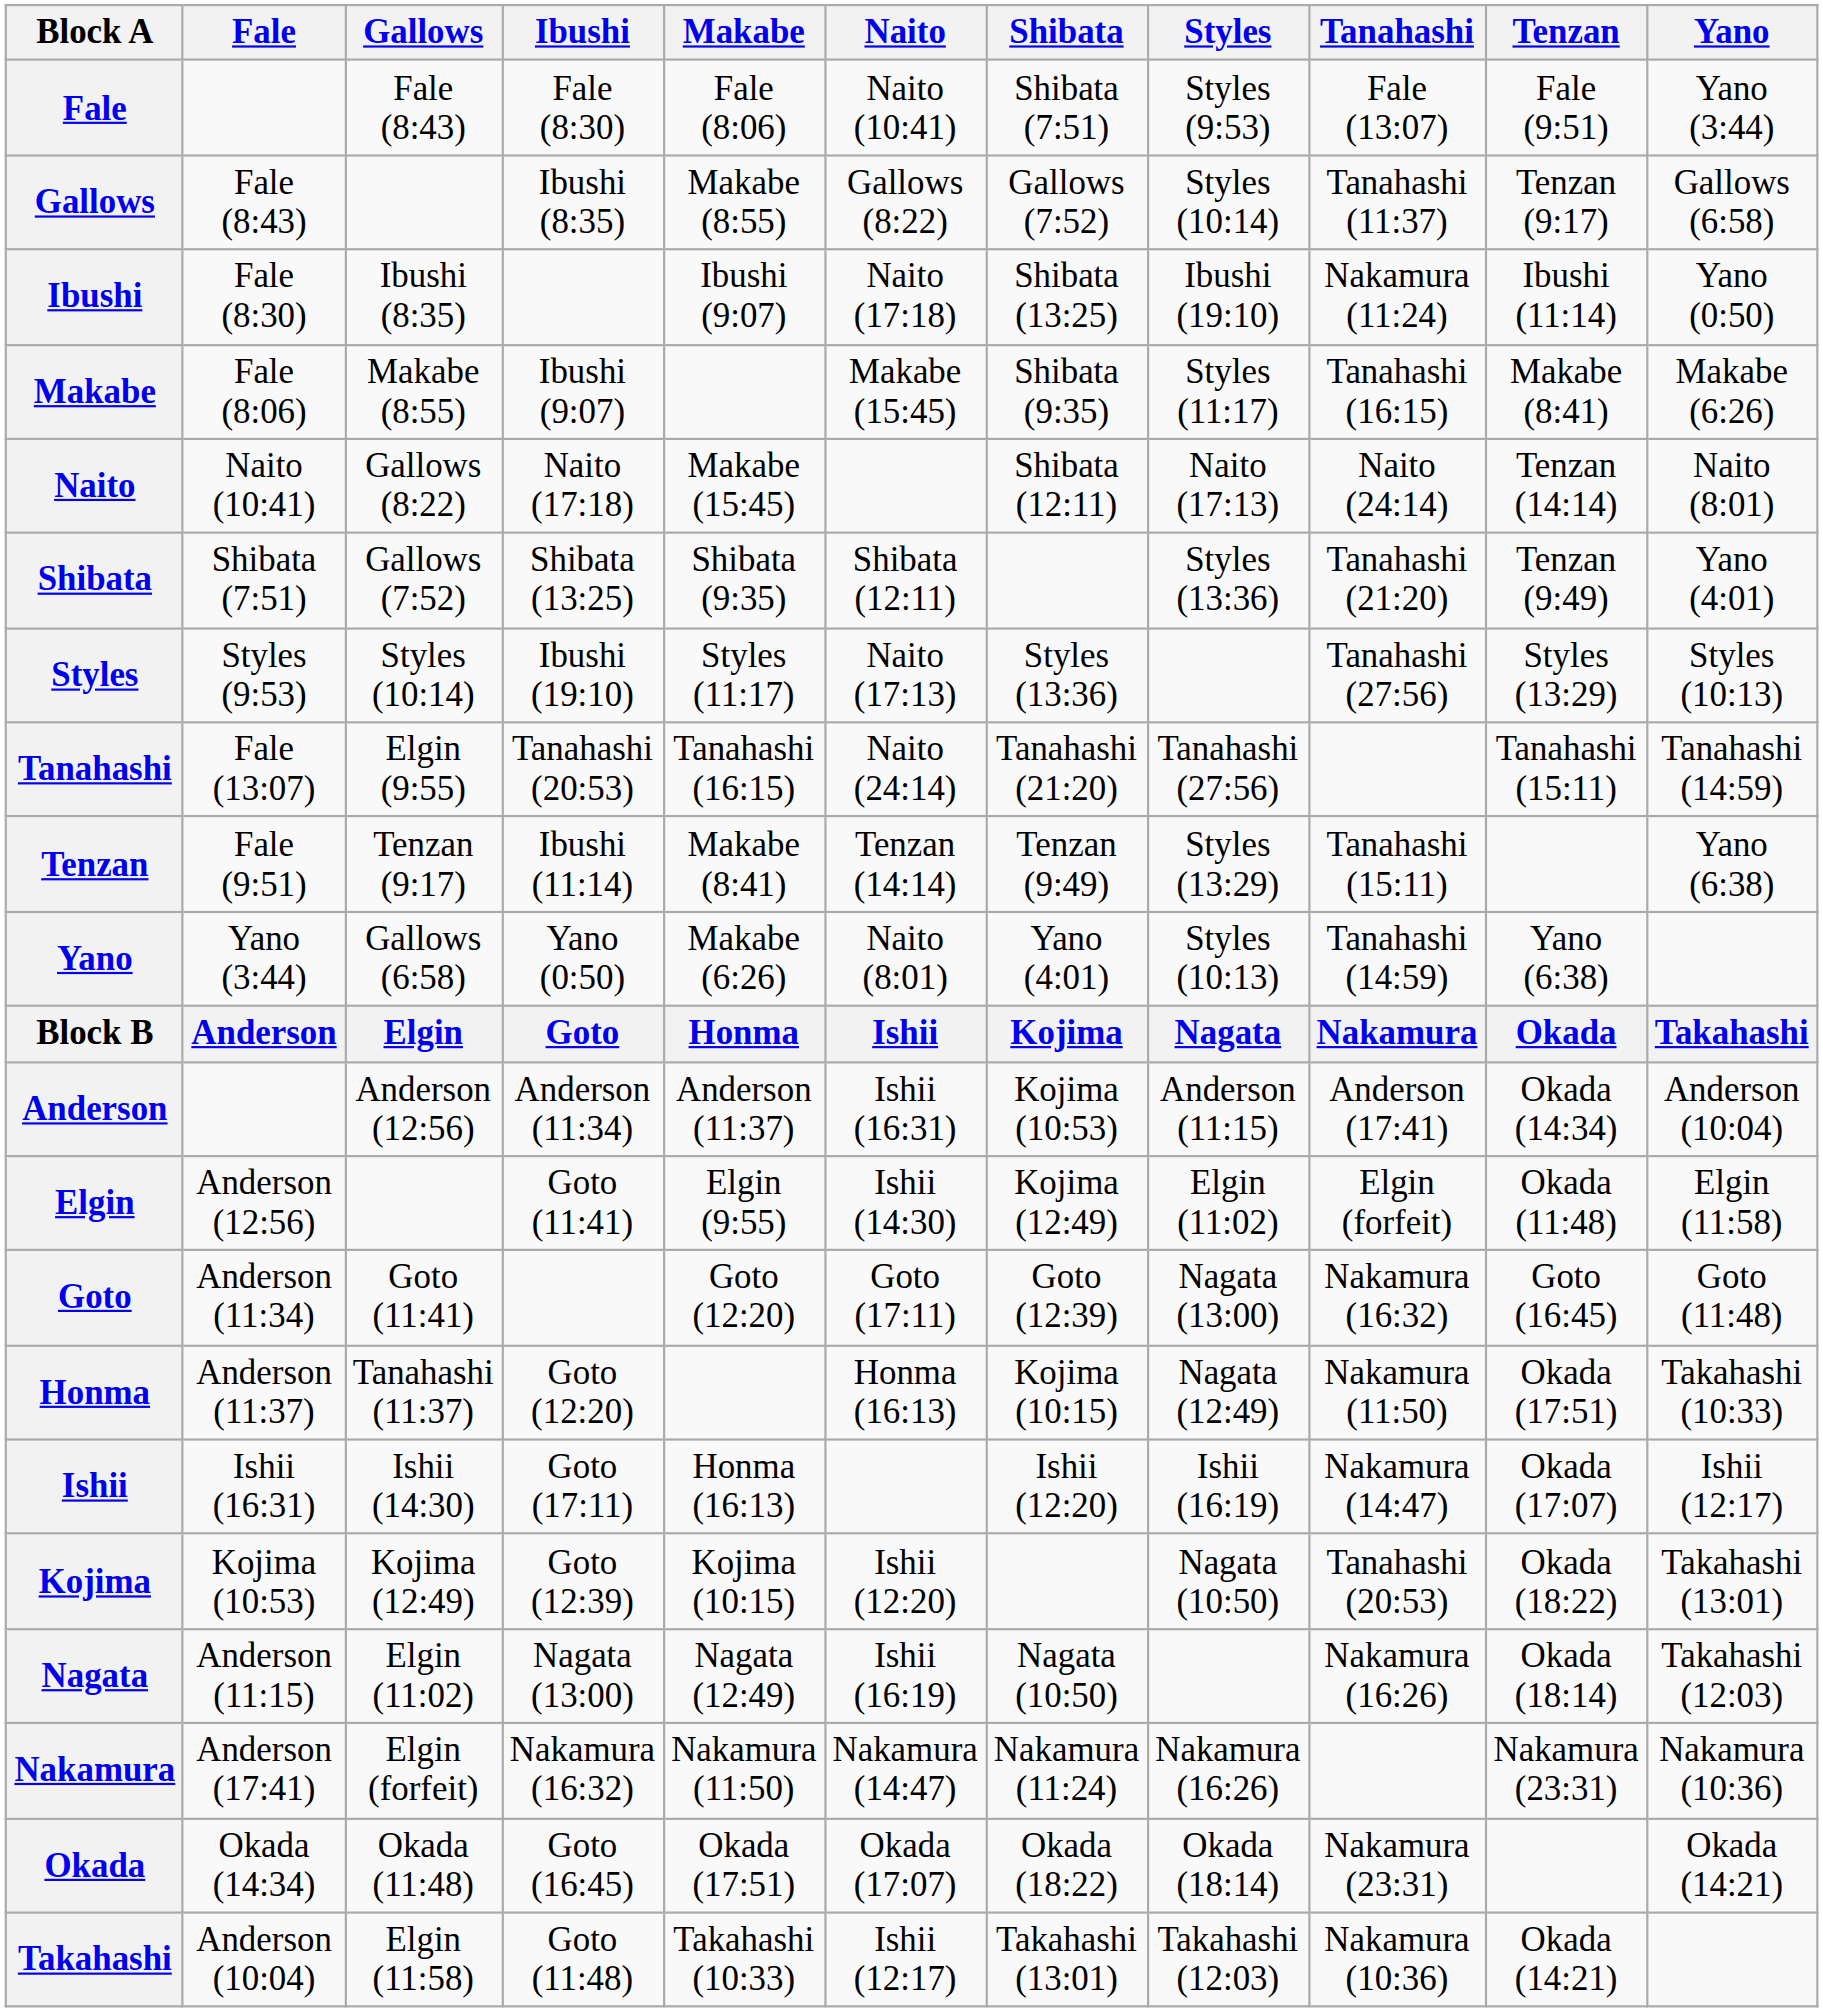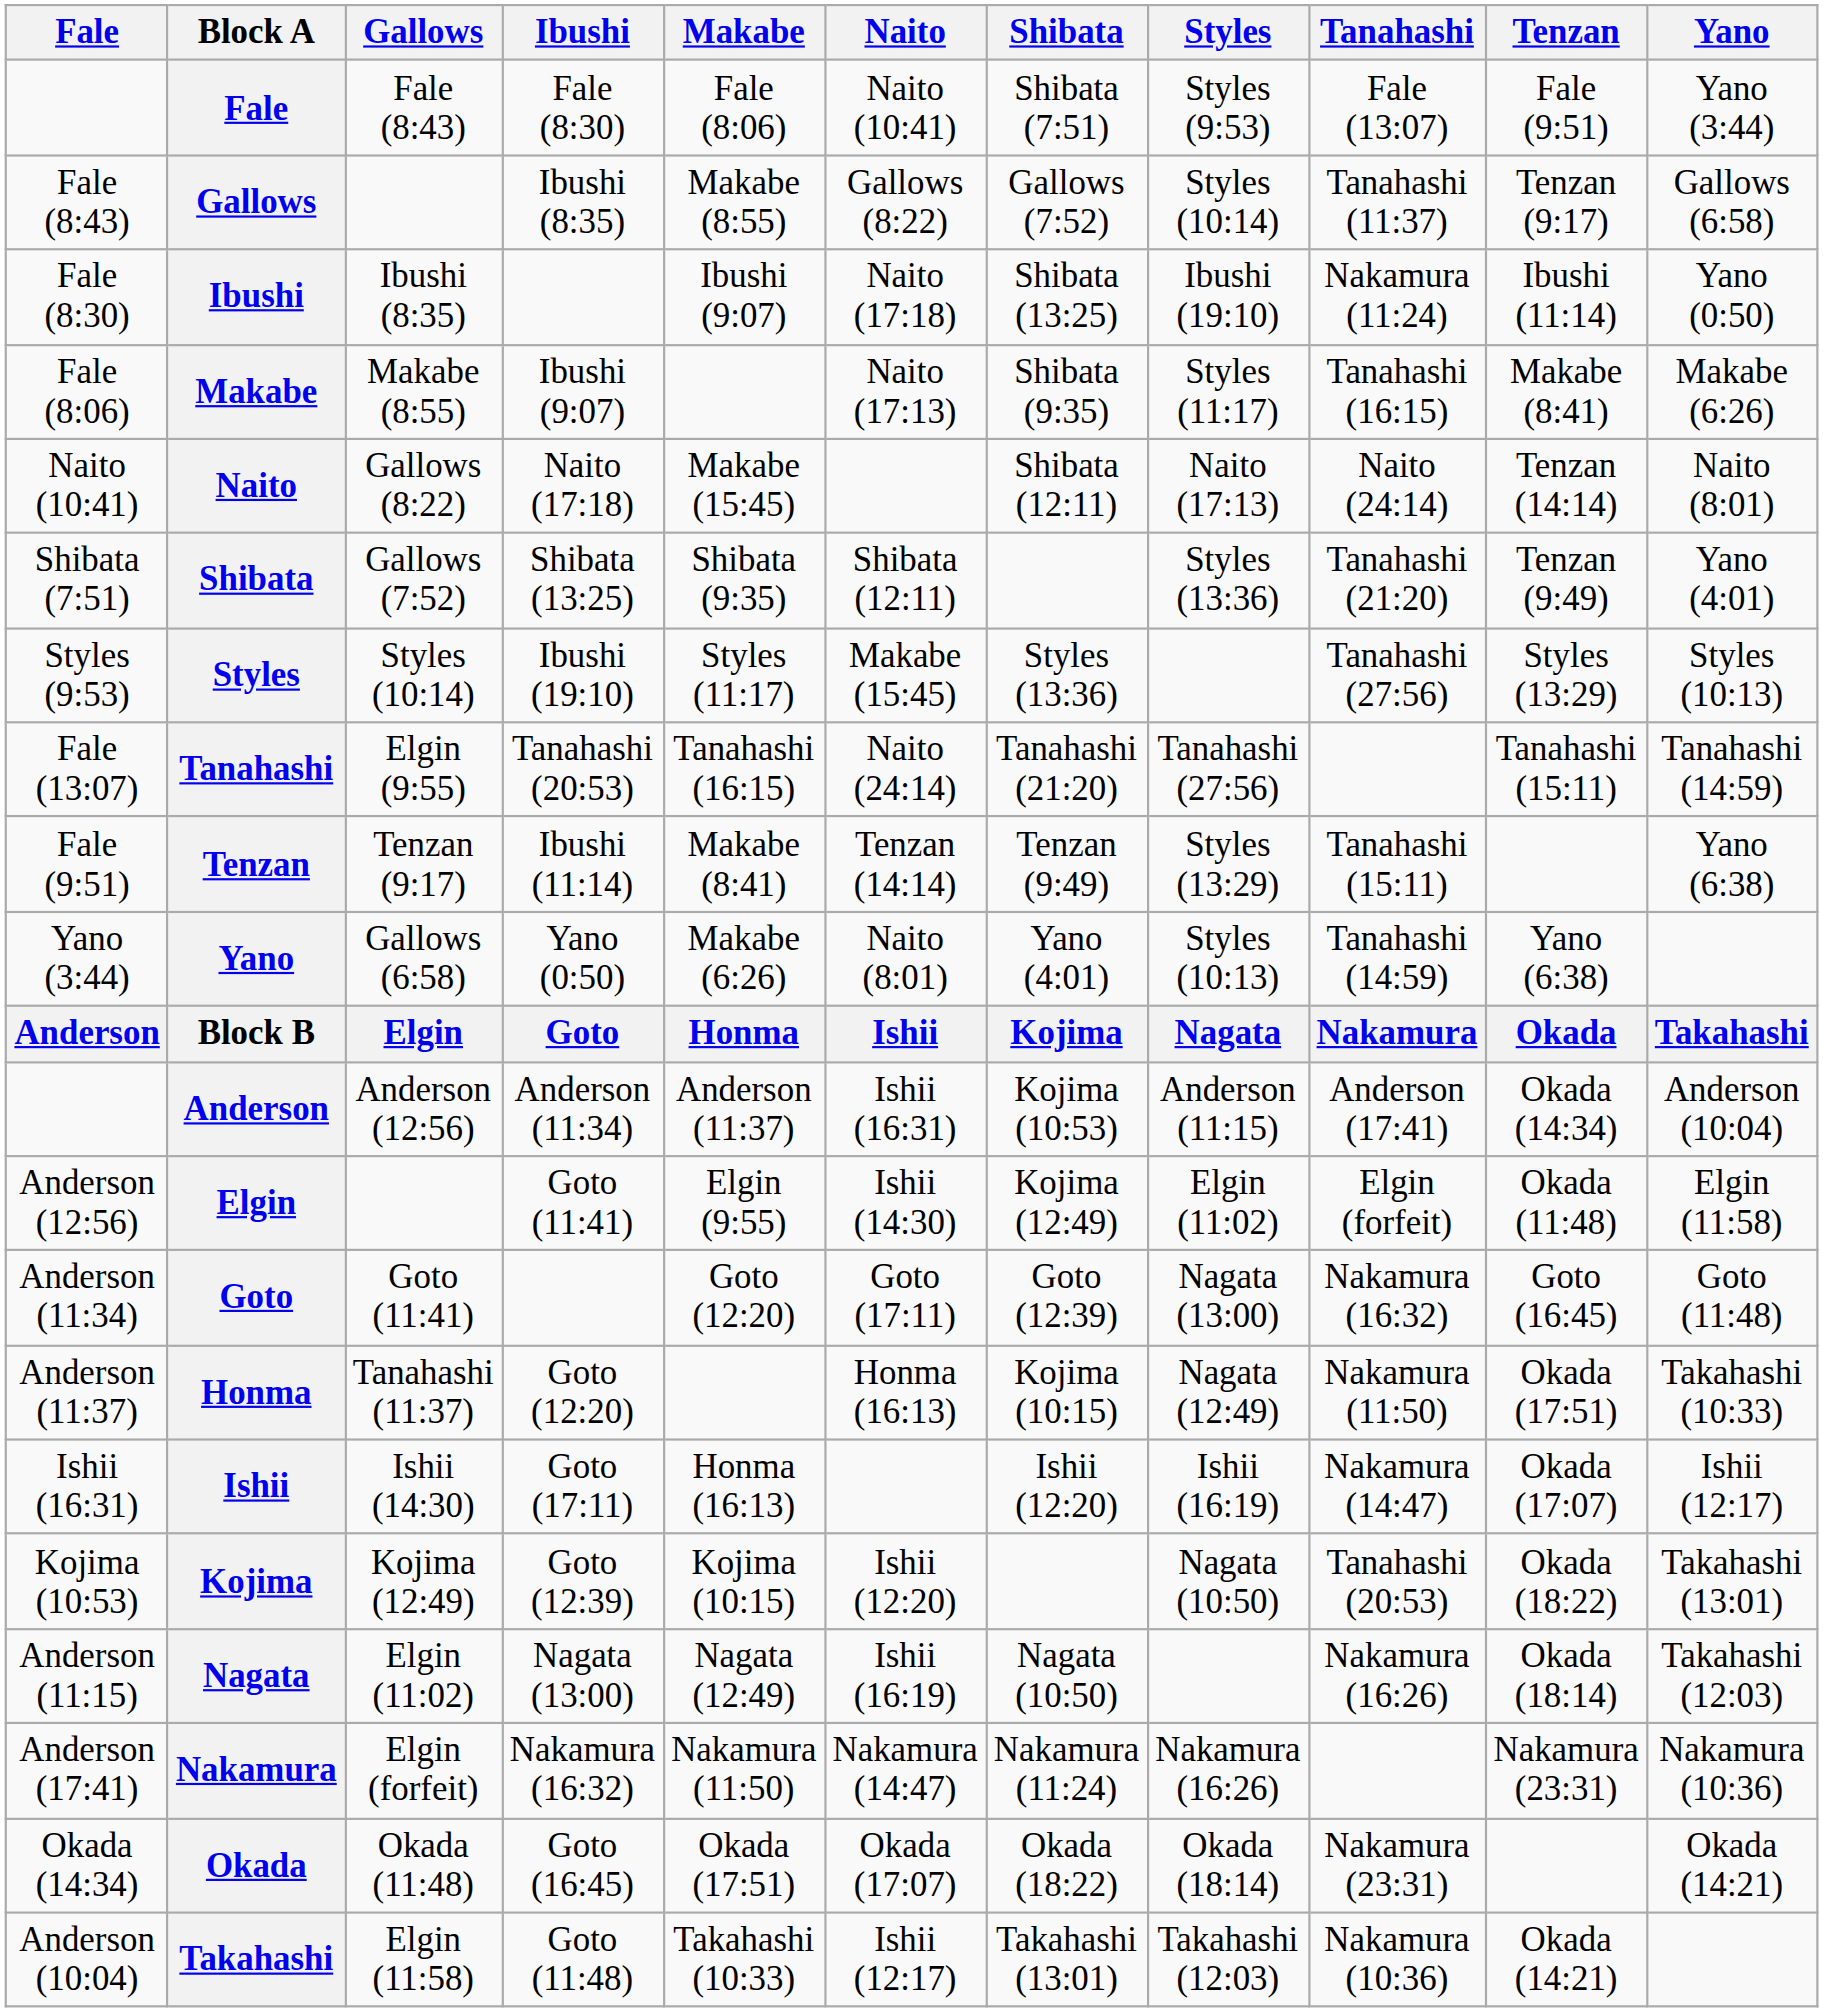 <table class="wikitable" align=center style="margin: 1em auto 1em auto">
 <tr align="center">
+<th><a href='#'>Fale</a></th>
 <th>Block A</th>
-<th><a href='#'>Fale</a></th>
 <th><a href='#'>Gallows</a></th>
 <th><a href='#'>Ibushi</a></th>
 <th><a href='#'>Makabe</a></th>
 <th><a href='#'>Naito</a></th>
 <th><a href='#'>Shibata</a></th>
 <th><a href='#'>Styles</a></th>
 <th><a href='#'>Tanahashi</a></th>
 <th><a href='#'>Tenzan</a></th>
 <th><a href='#'>Yano</a></th>
 </tr>
 <tr align="center">
+<td></td>
 <th><a href='#'>Fale</a></th>
-<td></td>
 <td>Fale<br>(8:43)</td>
 <td>Fale<br>(8:30)</td>
 <td>Fale<br>(8:06)</td>
 <td>Naito<br>(10:41)</td>
 <td>Shibata<br>(7:51)</td>
 <td>Styles<br>(9:53)</td>
 <td>Fale<br>(13:07)</td>
 <td>Fale<br>(9:51)</td>
 <td>Yano<br>(3:44)</td>
 </tr>
 <tr align="center">
+<td>Fale<br>(8:43)</td>
 <th><a href='#'>Gallows</a></th>
-<td>Fale<br>(8:43)</td>
 <td></td>
 <td>Ibushi<br>(8:35)</td>
 <td>Makabe<br>(8:55)</td>
 <td>Gallows<br>(8:22)</td>
 <td>Gallows<br>(7:52)</td>
 <td>Styles<br>(10:14)</td>
 <td>Tanahashi<br>(11:37)</td>
 <td>Tenzan<br>(9:17)</td>
 <td>Gallows<br>(6:58)</td>
 </tr>
 <tr align="center">
+<td>Fale<br>(8:30)</td>
 <th><a href='#'>Ibushi</a></th>
-<td>Fale<br>(8:30)</td>
 <td>Ibushi<br>(8:35)</td>
 <td></td>
 <td>Ibushi<br>(9:07)</td>
 <td>Naito<br>(17:18)</td>
 <td>Shibata<br>(13:25)</td>
 <td>Ibushi<br>(19:10)</td>
 <td>Nakamura<br>(11:24)</td>
 <td>Ibushi<br>(11:14)</td>
 <td>Yano<br>(0:50)</td>
 </tr>
 <tr align="center">
+<td>Fale<br>(8:06)</td>
 <th><a href='#'>Makabe</a></th>
-<td>Fale<br>(8:06)</td>
 <td>Makabe<br>(8:55)</td>
 <td>Ibushi<br>(9:07)</td>
 <td></td>
-<td>Makabe<br>(15:45)</td>
+<td>Naito<br>(17:13)</td>
 <td>Shibata<br>(9:35)</td>
 <td>Styles<br>(11:17)</td>
 <td>Tanahashi<br>(16:15)</td>
 <td>Makabe<br>(8:41)</td>
 <td>Makabe<br>(6:26)</td>
 </tr>
 <tr align="center">
+<td>Naito<br>(10:41)</td>
 <th><a href='#'>Naito</a></th>
-<td>Naito<br>(10:41)</td>
 <td>Gallows<br>(8:22)</td>
 <td>Naito<br>(17:18)</td>
 <td>Makabe<br>(15:45)</td>
 <td></td>
 <td>Shibata<br>(12:11)</td>
 <td>Naito<br>(17:13)</td>
 <td>Naito<br>(24:14)</td>
 <td>Tenzan<br>(14:14)</td>
 <td>Naito<br>(8:01)</td>
 </tr>
 <tr align="center">
+<td>Shibata<br>(7:51)</td>
 <th><a href='#'>Shibata</a></th>
-<td>Shibata<br>(7:51)</td>
 <td>Gallows<br>(7:52)</td>
 <td>Shibata<br>(13:25)</td>
 <td>Shibata<br>(9:35)</td>
 <td>Shibata<br>(12:11)</td>
 <td></td>
 <td>Styles<br>(13:36)</td>
 <td>Tanahashi<br>(21:20)</td>
 <td>Tenzan<br>(9:49)</td>
 <td>Yano<br>(4:01)</td>
 </tr>
 <tr align="center">
+<td>Styles<br>(9:53)</td>
 <th><a href='#'>Styles</a></th>
-<td>Styles<br>(9:53)</td>
 <td>Styles<br>(10:14)</td>
 <td>Ibushi<br>(19:10)</td>
 <td>Styles<br>(11:17)</td>
-<td>Naito<br>(17:13)</td>
+<td>Makabe<br>(15:45)</td>
 <td>Styles<br>(13:36)</td>
 <td></td>
 <td>Tanahashi<br>(27:56)</td>
 <td>Styles<br>(13:29)</td>
 <td>Styles<br>(10:13)</td>
 </tr>
 <tr align="center">
+<td>Fale<br>(13:07)</td>
 <th><a href='#'>Tanahashi</a></th>
-<td>Fale<br>(13:07)</td>
 <td>Elgin<br>(9:55)</td>
 <td>Tanahashi<br>(20:53)</td>
 <td>Tanahashi<br>(16:15)</td>
 <td>Naito<br>(24:14)</td>
 <td>Tanahashi<br>(21:20)</td>
 <td>Tanahashi<br>(27:56)</td>
 <td></td>
 <td>Tanahashi<br>(15:11)</td>
 <td>Tanahashi<br>(14:59)</td>
 </tr>
 <tr align="center">
+<td>Fale<br>(9:51)</td>
 <th><a href='#'>Tenzan</a></th>
-<td>Fale<br>(9:51)</td>
 <td>Tenzan<br>(9:17)</td>
 <td>Ibushi<br>(11:14)</td>
 <td>Makabe<br>(8:41)</td>
 <td>Tenzan<br>(14:14)</td>
 <td>Tenzan<br>(9:49)</td>
 <td>Styles<br>(13:29)</td>
 <td>Tanahashi<br>(15:11)</td>
 <td></td>
 <td>Yano<br>(6:38)</td>
 </tr>
 <tr align="center">
+<td>Yano<br>(3:44)</td>
 <th><a href='#'>Yano</a></th>
-<td>Yano<br>(3:44)</td>
 <td>Gallows<br>(6:58)</td>
 <td>Yano<br>(0:50)</td>
 <td>Makabe<br>(6:26)</td>
 <td>Naito<br>(8:01)</td>
 <td>Yano<br>(4:01)</td>
 <td>Styles<br>(10:13)</td>
 <td>Tanahashi<br>(14:59)</td>
 <td>Yano<br>(6:38)</td>
 <td></td>
 </tr>
 <tr align="center">
+<th><a href='#'>Anderson</a></th>
 <th>Block B</th>
-<th><a href='#'>Anderson</a></th>
 <th><a href='#'>Elgin</a></th>
 <th><a href='#'>Goto</a></th>
 <th><a href='#'>Honma</a></th>
 <th><a href='#'>Ishii</a></th>
 <th><a href='#'>Kojima</a></th>
 <th><a href='#'>Nagata</a></th>
 <th><a href='#'>Nakamura</a></th>
 <th><a href='#'>Okada</a></th>
 <th><a href='#'>Takahashi</a></th>
 </tr>
 <tr align="center">
+<td></td>
 <th><a href='#'>Anderson</a></th>
-<td></td>
 <td>Anderson<br>(12:56)</td>
 <td>Anderson<br>(11:34)</td>
 <td>Anderson<br>(11:37)</td>
 <td>Ishii<br>(16:31)</td>
 <td>Kojima<br>(10:53)</td>
 <td>Anderson<br>(11:15)</td>
 <td>Anderson<br>(17:41)</td>
 <td>Okada<br>(14:34)</td>
 <td>Anderson<br>(10:04)</td>
 </tr>
 <tr align="center">
+<td>Anderson<br>(12:56)</td>
 <th><a href='#'>Elgin</a></th>
-<td>Anderson<br>(12:56)</td>
 <td></td>
 <td>Goto<br>(11:41)</td>
 <td>Elgin<br>(9:55)</td>
 <td>Ishii<br>(14:30)</td>
 <td>Kojima<br>(12:49)</td>
 <td>Elgin<br>(11:02)</td>
 <td>Elgin<br>(forfeit)</td>
 <td>Okada<br>(11:48)</td>
 <td>Elgin<br>(11:58)</td>
 </tr>
 <tr align="center">
+<td>Anderson<br>(11:34)</td>
 <th><a href='#'>Goto</a></th>
-<td>Anderson<br>(11:34)</td>
 <td>Goto<br>(11:41)</td>
 <td></td>
 <td>Goto<br>(12:20)</td>
 <td>Goto<br>(17:11)</td>
 <td>Goto<br>(12:39)</td>
 <td>Nagata<br>(13:00)</td>
 <td>Nakamura<br>(16:32)</td>
 <td>Goto<br>(16:45)</td>
 <td>Goto<br>(11:48)</td>
 </tr>
 <tr align="center">
+<td>Anderson<br>(11:37)</td>
 <th><a href='#'>Honma</a></th>
-<td>Anderson<br>(11:37)</td>
 <td>Tanahashi<br>(11:37)</td>
 <td>Goto<br>(12:20)</td>
 <td></td>
 <td>Honma<br>(16:13)</td>
 <td>Kojima<br>(10:15)</td>
 <td>Nagata<br>(12:49)</td>
 <td>Nakamura<br>(11:50)</td>
 <td>Okada<br>(17:51)</td>
 <td>Takahashi<br>(10:33)</td>
 </tr>
 <tr align="center">
+<td>Ishii<br>(16:31)</td>
 <th><a href='#'>Ishii</a></th>
-<td>Ishii<br>(16:31)</td>
 <td>Ishii<br>(14:30)</td>
 <td>Goto<br>(17:11)</td>
 <td>Honma<br>(16:13)</td>
 <td></td>
 <td>Ishii<br>(12:20)</td>
 <td>Ishii<br>(16:19)</td>
 <td>Nakamura<br>(14:47)</td>
 <td>Okada<br>(17:07)</td>
 <td>Ishii<br>(12:17)</td>
 </tr>
 <tr align="center">
+<td>Kojima<br>(10:53)</td>
 <th><a href='#'>Kojima</a></th>
-<td>Kojima<br>(10:53)</td>
 <td>Kojima<br>(12:49)</td>
 <td>Goto<br>(12:39)</td>
 <td>Kojima<br>(10:15)</td>
 <td>Ishii<br>(12:20)</td>
 <td></td>
 <td>Nagata<br>(10:50)</td>
 <td>Tanahashi<br>(20:53)</td>
 <td>Okada<br>(18:22)</td>
 <td>Takahashi<br>(13:01)</td>
 </tr>
 <tr align="center">
+<td>Anderson<br>(11:15)</td>
 <th><a href='#'>Nagata</a></th>
-<td>Anderson<br>(11:15)</td>
 <td>Elgin<br>(11:02)</td>
 <td>Nagata<br>(13:00)</td>
 <td>Nagata<br>(12:49)</td>
 <td>Ishii<br>(16:19)</td>
 <td>Nagata<br>(10:50)</td>
 <td></td>
 <td>Nakamura<br>(16:26)</td>
 <td>Okada<br>(18:14)</td>
 <td>Takahashi<br>(12:03)</td>
 </tr>
 <tr align="center">
+<td>Anderson<br>(17:41)</td>
 <th><a href='#'>Nakamura</a></th>
-<td>Anderson<br>(17:41)</td>
 <td>Elgin<br>(forfeit)</td>
 <td>Nakamura<br>(16:32)</td>
 <td>Nakamura<br>(11:50)</td>
 <td>Nakamura<br>(14:47)</td>
 <td>Nakamura<br>(11:24)</td>
 <td>Nakamura<br>(16:26)</td>
 <td></td>
 <td>Nakamura<br>(23:31)</td>
 <td>Nakamura<br>(10:36)</td>
 </tr>
 <tr align="center">
+<td>Okada<br>(14:34)</td>
 <th><a href='#'>Okada</a></th>
-<td>Okada<br>(14:34)</td>
 <td>Okada<br>(11:48)</td>
 <td>Goto<br>(16:45)</td>
 <td>Okada<br>(17:51)</td>
 <td>Okada<br>(17:07)</td>
 <td>Okada<br>(18:22)</td>
 <td>Okada<br>(18:14)</td>
 <td>Nakamura<br>(23:31)</td>
 <td></td>
 <td>Okada<br>(14:21)</td>
 </tr>
 <tr align="center">
+<td>Anderson<br>(10:04)</td>
 <th><a href='#'>Takahashi</a></th>
-<td>Anderson<br>(10:04)</td>
 <td>Elgin<br>(11:58)</td>
 <td>Goto<br>(11:48)</td>
 <td>Takahashi<br>(10:33)</td>
 <td>Ishii<br>(12:17)</td>
 <td>Takahashi<br>(13:01)</td>
 <td>Takahashi<br>(12:03)</td>
 <td>Nakamura<br>(10:36)</td>
 <td>Okada<br>(14:21)</td>
 <td></td>
 </tr>
 </table>
